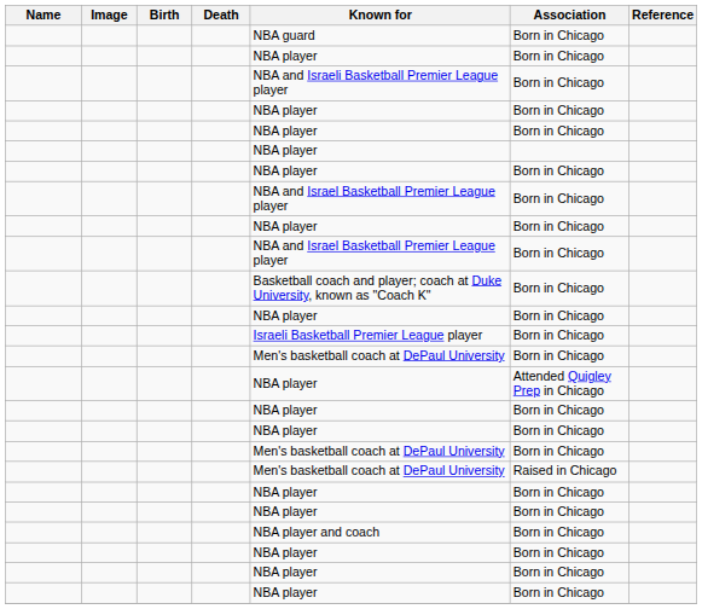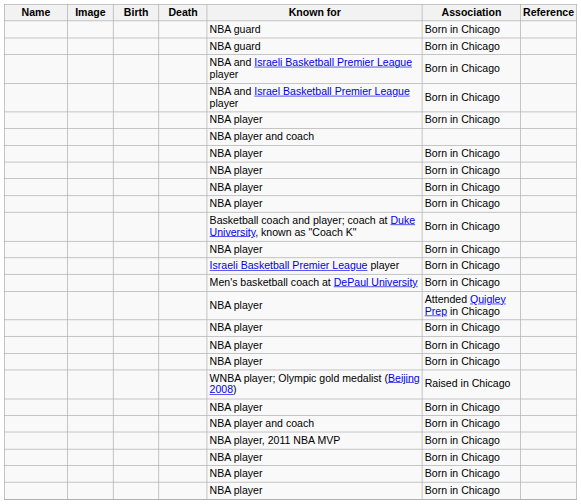 <table class="wikitable sortable">
 <tr>
 <th scope="col" width="140">Name</th>
 <th scope="col" width="80" class="unsortable">Image</th>
 <th scope="col" width="90">Birth</th>
 <th scope="col" width="90">Death</th>
 <th scope="col" width="600" class="unsortable">Known for</th>
 <th scope="col" width="200" class="unsortable">Association</th>
 <th scope="col" width="30" class="unsortable">Reference</th>
 </tr>
 <tr>
 <td></td>
 <td></td>
 <td align=right></td>
 <td></td>
 <td>NBA guard</td>
 <td>Born in Chicago</td>
 <td align="center"></td>
 </tr>
 <tr>
 <td></td>
 <td></td>
 <td align=right></td>
 <td></td>
-<td>NBA player</td>
+<td>NBA guard</td>
 <td>Born in Chicago</td>
 <td align="center"></td>
 </tr>
 <tr>
 <td></td>
 <td></td>
 <td align=right></td>
 <td></td>
 <td>NBA and <a href='#'>Israeli Basketball Premier League</a> player</td>
+<td>Born in Chicago</td>
+<td align="center"></td>
+</tr>
+<tr>
+<td></td>
+<td></td>
+<td align=right></td>
+<td></td>
+<td>NBA and <a href='#'>Israel Basketball Premier League</a> player</td>
+<td>Born in Chicago</td>
+<td align="center"></td>
+</tr>
+<tr>
+<td></td>
+<td></td>
+<td align=right></td>
+<td></td>
+<td>NBA player</td>
+<td>Born in Chicago</td>
+<td align="center"></td>
+</tr>
+<tr>
+<td></td>
+<td></td>
+<td align=right></td>
+<td align=right></td>
+<td>NBA player and coach</td>
+<td></td>
+<td align="center"></td>
+</tr>
+<tr>
+<td></td>
+<td></td>
+<td align=right></td>
+<td align=right></td>
+<td>NBA player</td>
 <td>Born in Chicago</td>
 <td align="center"></td>
 </tr>
 <tr>
 <td></td>
 <td></td>
 <td align=right></td>
 <td></td>
 <td>NBA player</td>
 <td>Born in Chicago</td>
 <td align="center"></td>
 </tr>
 <tr>
 <td></td>
 <td></td>
 <td align=right></td>
 <td></td>
 <td>NBA player</td>
 <td>Born in Chicago</td>
 <td align="center"></td>
 </tr>
 <tr>
 <td></td>
 <td></td>
 <td align=right></td>
 <td align=right></td>
 <td>NBA player</td>
-<td></td>
-<td align="center"></td>
-</tr>
-<tr>
-<td></td>
-<td></td>
-<td align=right></td>
-<td align=right></td>
-<td>NBA player</td>
-<td>Born in Chicago</td>
-<td align="center"></td>
-</tr>
-<tr>
-<td></td>
-<td></td>
-<td align=right></td>
-<td></td>
-<td>NBA and <a href='#'>Israel Basketball Premier League</a> player</td>
-<td>Born in Chicago</td>
-<td align="center"></td>
-</tr>
-<tr>
-<td></td>
-<td></td>
-<td align=right></td>
-<td></td>
-<td>NBA player</td>
-<td>Born in Chicago</td>
-<td align="center"></td>
-</tr>
-<tr>
-<td></td>
-<td></td>
-<td align=right></td>
-<td align=right></td>
-<td>NBA and <a href='#'>Israel Basketball Premier League</a> player</td>
 <td>Born in Chicago</td>
 <td align="center"></td>
 </tr>
 <tr>
 <td></td>
 <td></td>
 <td align=right></td>
 <td></td>
 <td>Basketball coach and player; coach at <a href='#'>Duke University</a>, known as "Coach K"</td>
 <td>Born in Chicago</td>
 <td align="center"></td>
 </tr>
 <tr>
 <td></td>
 <td></td>
 <td align=right></td>
 <td></td>
 <td>NBA player</td>
 <td>Born in Chicago</td>
 <td align="center"></td>
 </tr>
 <tr>
 <td></td>
 <td></td>
 <td align=right></td>
 <td></td>
 <td><a href='#'>Israeli Basketball Premier League</a> player</td>
 <td>Born in Chicago</td>
 <td align="center"></td>
 </tr>
 <tr>
 <td></td>
 <td></td>
 <td align=right></td>
 <td align=right></td>
 <td>Men's basketball coach at <a href='#'>DePaul University</a></td>
 <td>Born in Chicago</td>
 <td align="center"></td>
 </tr>
 <tr>
 <td></td>
 <td></td>
 <td align=right></td>
 <td align=right></td>
 <td>NBA player</td>
 <td>Attended <a href='#'>Quigley Prep</a> in Chicago</td>
 <td align="center"></td>
 </tr>
 <tr>
 <td></td>
 <td></td>
 <td align=right></td>
 <td></td>
 <td>NBA player</td>
 <td>Born in Chicago</td>
 <td align="center"></td>
 </tr>
 <tr>
 <td></td>
 <td></td>
 <td align=right></td>
 <td></td>
 <td>NBA player</td>
 <td>Born in Chicago</td>
 <td align="center"></td>
 </tr>
 <tr>
 <td></td>
 <td></td>
 <td align=right></td>
 <td align=right></td>
-<td>Men's basketball coach at <a href='#'>DePaul University</a></td>
+<td>NBA player</td>
 <td>Born in Chicago</td>
 <td align="center"></td>
 </tr>
 <tr>
 <td></td>
 <td></td>
 <td align=right></td>
 <td></td>
-<td>Men's basketball coach at <a href='#'>DePaul University</a></td>
+<td>WNBA player; Olympic gold medalist (<a href='#'>Beijing 2008</a>)</td>
 <td>Raised in Chicago</td>
 <td align="center"></td>
 </tr>
 <tr>
 <td></td>
 <td></td>
 <td align=right></td>
 <td></td>
 <td>NBA player</td>
 <td>Born in Chicago</td>
 <td align="center"></td>
 </tr>
 <tr>
 <td></td>
 <td></td>
 <td align=right></td>
 <td></td>
-<td>NBA player</td>
+<td>NBA player and coach</td>
 <td>Born in Chicago</td>
 <td align="center"></td>
 </tr>
 <tr>
 <td></td>
 <td></td>
 <td align=right></td>
 <td></td>
-<td>NBA player and coach</td>
+<td>NBA player, 2011 NBA MVP</td>
 <td>Born in Chicago</td>
 <td align="center"></td>
 </tr>
 <tr>
 <td></td>
 <td></td>
 <td align=right></td>
 <td></td>
 <td>NBA player</td>
 <td>Born in Chicago</td>
 <td align="center"></td>
 </tr>
 <tr>
 <td></td>
 <td></td>
 <td align=right></td>
 <td></td>
 <td>NBA player</td>
 <td>Born in Chicago</td>
 <td align="center"></td>
 </tr>
 <tr>
 <td></td>
 <td></td>
 <td align=right></td>
 <td></td>
 <td>NBA player</td>
 <td>Born in Chicago</td>
 <td align="center"></td>
 </tr>
 <tr>
 </tr>
 </table>
